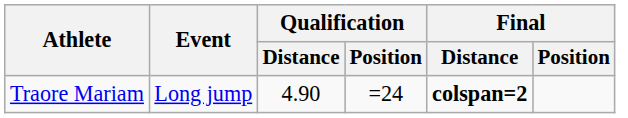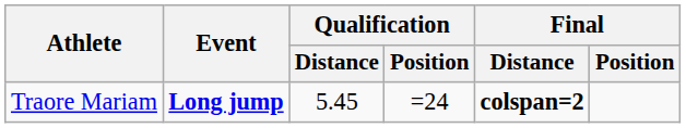 <table class=wikitable style=font-size:90%>
 <tr>
 <th rowspan=2>Athlete</th>
 <th rowspan=2>Event</th>
 <th colspan=2>Qualification</th>
 <th colspan=2>Final</th>
 </tr>
 <tr style=font-size:95%>
 <th>Distance</th>
 <th>Position</th>
 <th>Distance</th>
 <th>Position</th>
 </tr>
 <tr align=center>
 <td align=left><a href='#'>Traore Mariam</a></td>
-<td align=left><a href='#'>Long jump</a></td>
-<td>4.90</td>
+<td align=left><strong><a href='#'>Long jump</a></strong></td>
+<td>5.45</td>
 <td>=24</td>
 <td><strong>colspan=2 </strong></td>
 </tr>
 </table>
